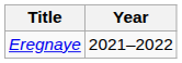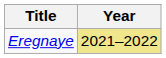 <table class="wikitable mw-collapsible plainrowheaders" style="text-align:center;">
 <tr>
 <th>Title</th>
 <th scope="col" style="padding:0 8px;">Year</th>
 </tr>
 <tr>
 <td><em><a href='#'>Eregnaye</a></em></td>
-<td>2021–2022</td>
+<td style="background: khaki;">2021–2022</td>
 </tr>
 </table>
